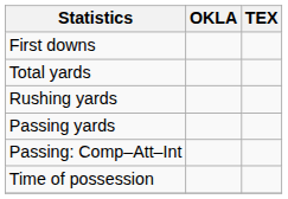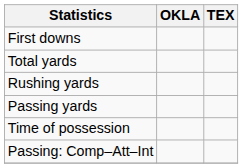 <table class="wikitable" style="float: left;">
 <tr>
 <th>Statistics</th>
 <th>OKLA</th>
 <th>TEX</th>
 </tr>
 <tr>
 <td>First downs</td>
 <td></td>
 <td></td>
 </tr>
 <tr>
 <td>Total yards</td>
 <td></td>
 <td></td>
 </tr>
 <tr>
 <td>Rushing yards</td>
 <td></td>
 <td></td>
 </tr>
 <tr>
 <td>Passing yards</td>
 <td></td>
 <td></td>
 </tr>
 <tr>
-<td>Passing: Comp–Att–Int</td>
+<td>Time of possession</td>
 <td></td>
 <td></td>
 </tr>
 <tr>
-<td>Time of possession</td>
+<td>Passing: Comp–Att–Int</td>
 <td></td>
 <td></td>
 </tr>
 <tr>
 </tr>
 </table>
